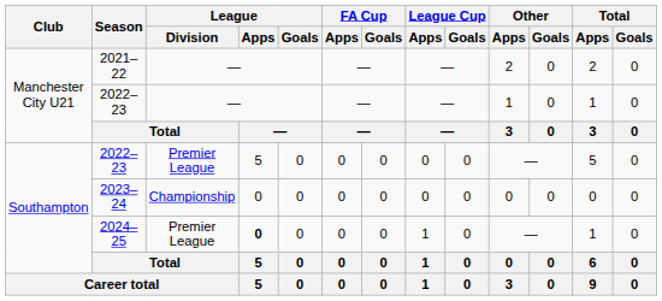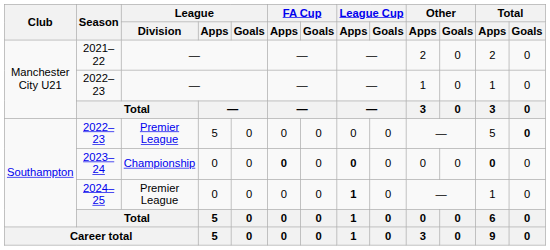 <table class=wikitable style=text-align:center>
 <tr>
 <th rowspan=2>Club</th>
 <th rowspan=2>Season</th>
 <th colspan=3>League</th>
 <th colspan=2><a href='#'>FA Cup</a></th>
 <th colspan=2><a href='#'>League Cup</a></th>
 <th colspan=2>Other</th>
 <th colspan=2>Total</th>
 </tr>
 <tr>
 <th>Division</th>
 <th>Apps</th>
 <th>Goals</th>
 <th>Apps</th>
 <th>Goals</th>
 <th>Apps</th>
 <th>Goals</th>
 <th>Apps</th>
 <th>Goals</th>
 <th>Apps</th>
 <th>Goals</th>
 </tr>
 <tr>
 <td rowspan=3>Manchester City U21</td>
 <td>2021–22</td>
 <td colspan="3">—</td>
 <td colspan="2">—</td>
 <td colspan="2">—</td>
 <td>2</td>
 <td>0</td>
 <td>2</td>
 <td>0</td>
 </tr>
 <tr>
 <td>2022–23</td>
 <td colspan="3">—</td>
 <td colspan="2">—</td>
 <td colspan="2">—</td>
 <td>1</td>
 <td>0</td>
 <td>1</td>
 <td>0</td>
 </tr>
 <tr>
 <th colspan=2>Total</th>
 <th colspan="2">—</th>
 <th colspan="2">—</th>
 <th colspan="2">—</th>
 <th>3</th>
 <th>0</th>
 <th>3</th>
 <th>0</th>
 </tr>
 <tr>
 <td rowspan="4"><a href='#'>Southampton</a></td>
 <td><a href='#'>2022–23</a></td>
 <td><a href='#'>Premier League</a></td>
 <td>5</td>
 <td>0</td>
 <td>0</td>
 <td>0</td>
 <td>0</td>
 <td>0</td>
 <td colspan="2">—</td>
 <td>5</td>
-<td>0</td>
+<td><strong>0</strong></td>
 </tr>
 <tr>
 <td><a href='#'>2023–24</a></td>
 <td><a href='#'>Championship</a></td>
 <td>0</td>
 <td>0</td>
+<td><strong>0</strong></td>
+<td>0</td>
+<td><strong>0</strong></td>
 <td>0</td>
 <td>0</td>
 <td>0</td>
-<td>0</td>
-<td>0</td>
-<td>0</td>
-<td>0</td>
+<td><strong>0</strong></td>
 <td>0</td>
 </tr>
 <tr>
 <td><a href='#'>2024–25</a></td>
 <td>Premier League</td>
-<td><strong>0</strong></td>
 <td>0</td>
 <td>0</td>
 <td>0</td>
-<td>1</td>
+<td>0</td>
+<td><strong>1</strong></td>
 <td>0</td>
 <td colspan="2">—</td>
 <td>1</td>
 <td>0</td>
 </tr>
 <tr>
 <th colspan="2">Total</th>
 <th>5</th>
 <th>0</th>
 <th>0</th>
 <th>0</th>
 <th>1</th>
 <th>0</th>
 <th>0</th>
 <th>0</th>
 <th>6</th>
 <th>0</th>
 </tr>
 <tr>
 <th colspan=3>Career total</th>
 <th>5</th>
 <th>0</th>
 <th>0</th>
 <th>0</th>
 <th>1</th>
 <th>0</th>
 <th>3</th>
 <th>0</th>
 <th>9</th>
 <th>0</th>
 </tr>
 </table>
